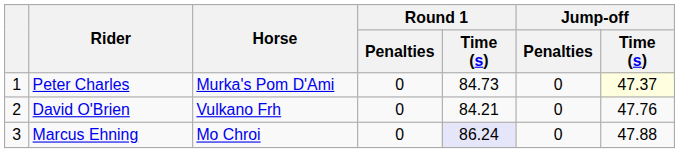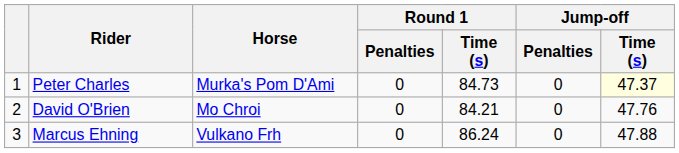 <table class="wikitable" style="font-size: 90%">
 <tr>
 <th rowspan=2 width=20></th>
 <th rowspan=2 width=200>Rider</th>
 <th rowspan=2 width=200>Horse</th>
 <th colspan=2>Round 1</th>
 <th colspan=2>Jump-off</th>
 </tr>
 <tr>
 <th width=75>Penalties</th>
 <th width=75>Time<br>(<a href='#'>s</a>)</th>
 <th width=75>Penalties</th>
 <th width=75>Time<br>(<a href='#'>s</a>)</th>
 </tr>
 <tr>
 <td align=center>1</td>
 <td> <a href='#'>Peter Charles</a></td>
 <td><a href='#'>Murka's Pom D'Ami</a></td>
 <td align=center>0</td>
 <td align=center>84.73</td>
 <td align=center>0</td>
 <td align=center style="background: lightyellow;">47.37</td>
 </tr>
 <tr>
 <td align=center>2</td>
 <td> <a href='#'>David O'Brien</a></td>
-<td><a href='#'>Vulkano Frh</a></td>
+<td><a href='#'>Mo Chroi</a></td>
 <td align=center>0</td>
 <td align=center>84.21</td>
 <td align=center>0</td>
 <td align=center>47.76</td>
 </tr>
 <tr>
 <td align=center>3</td>
 <td> <a href='#'>Marcus Ehning</a></td>
-<td><a href='#'>Mo Chroi</a></td>
+<td><a href='#'>Vulkano Frh</a></td>
 <td align=center>0</td>
-<td align=center style="background: lavender;">86.24</td>
+<td align=center>86.24</td>
 <td align=center>0</td>
 <td align=center>47.88</td>
 </tr>
 </table>
